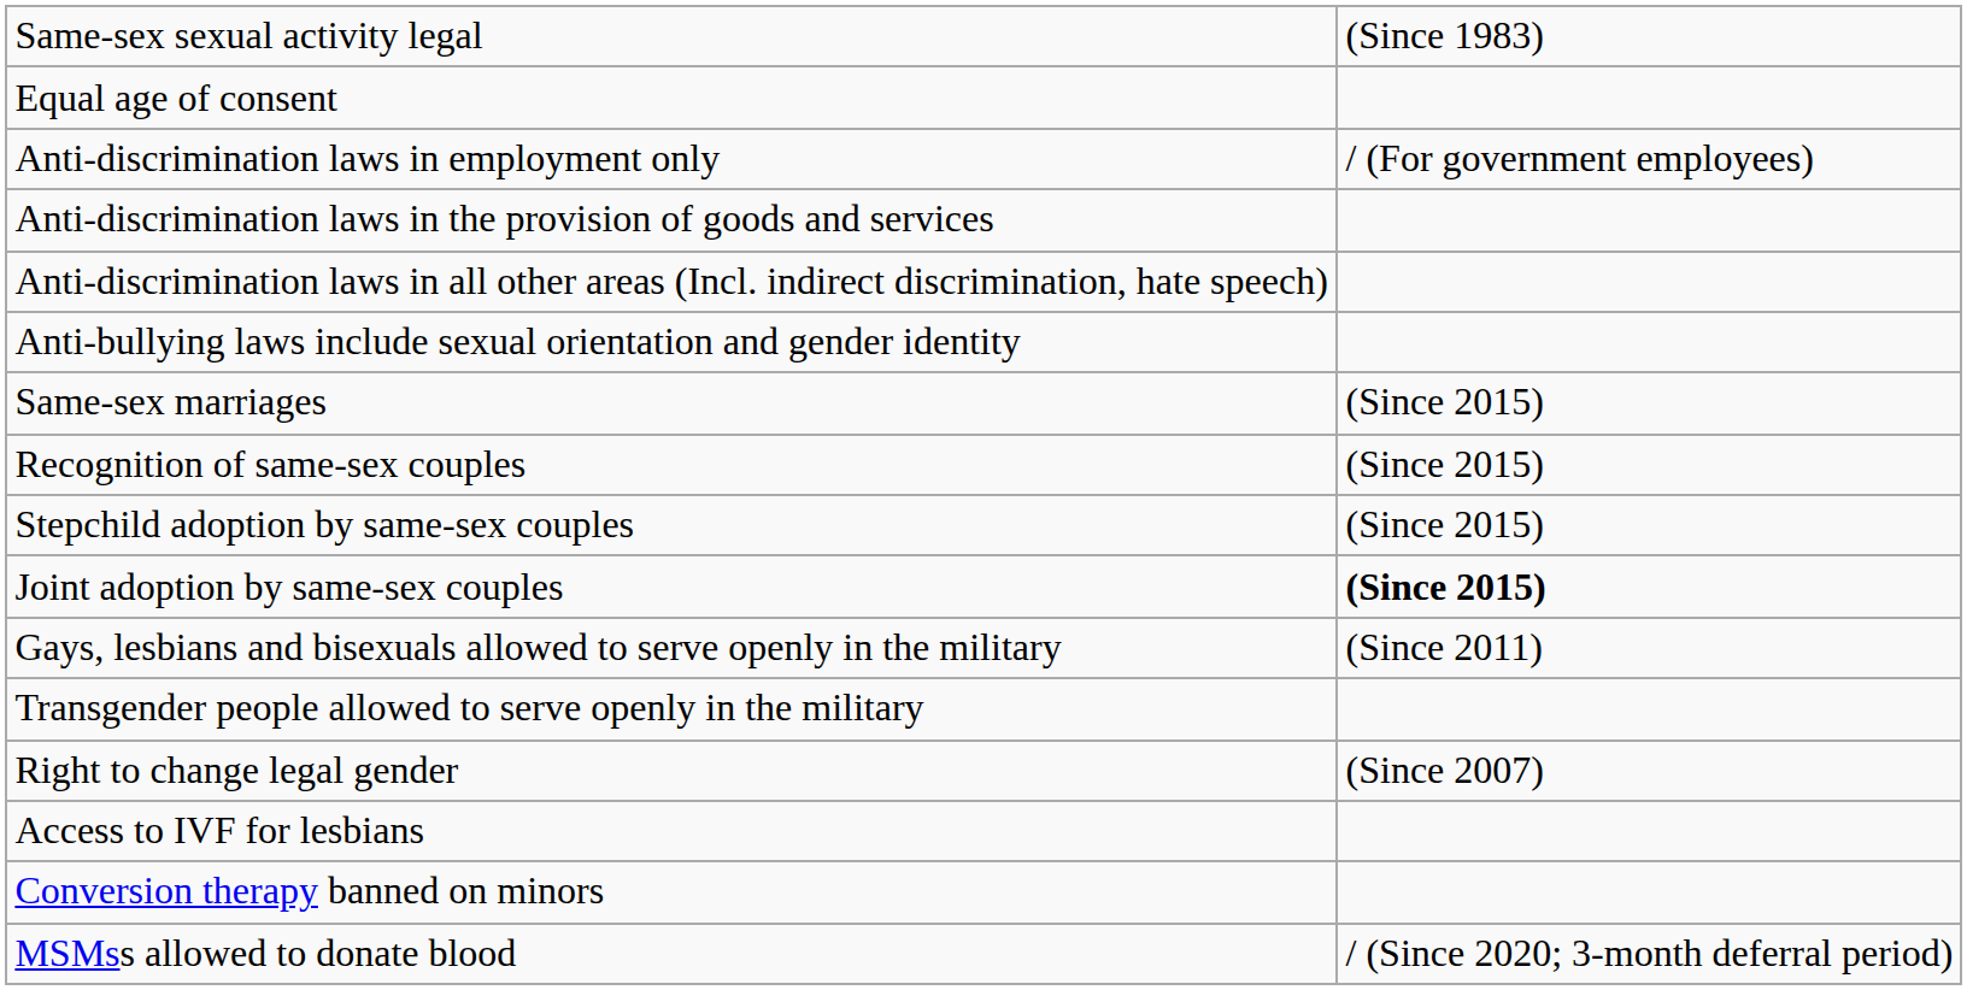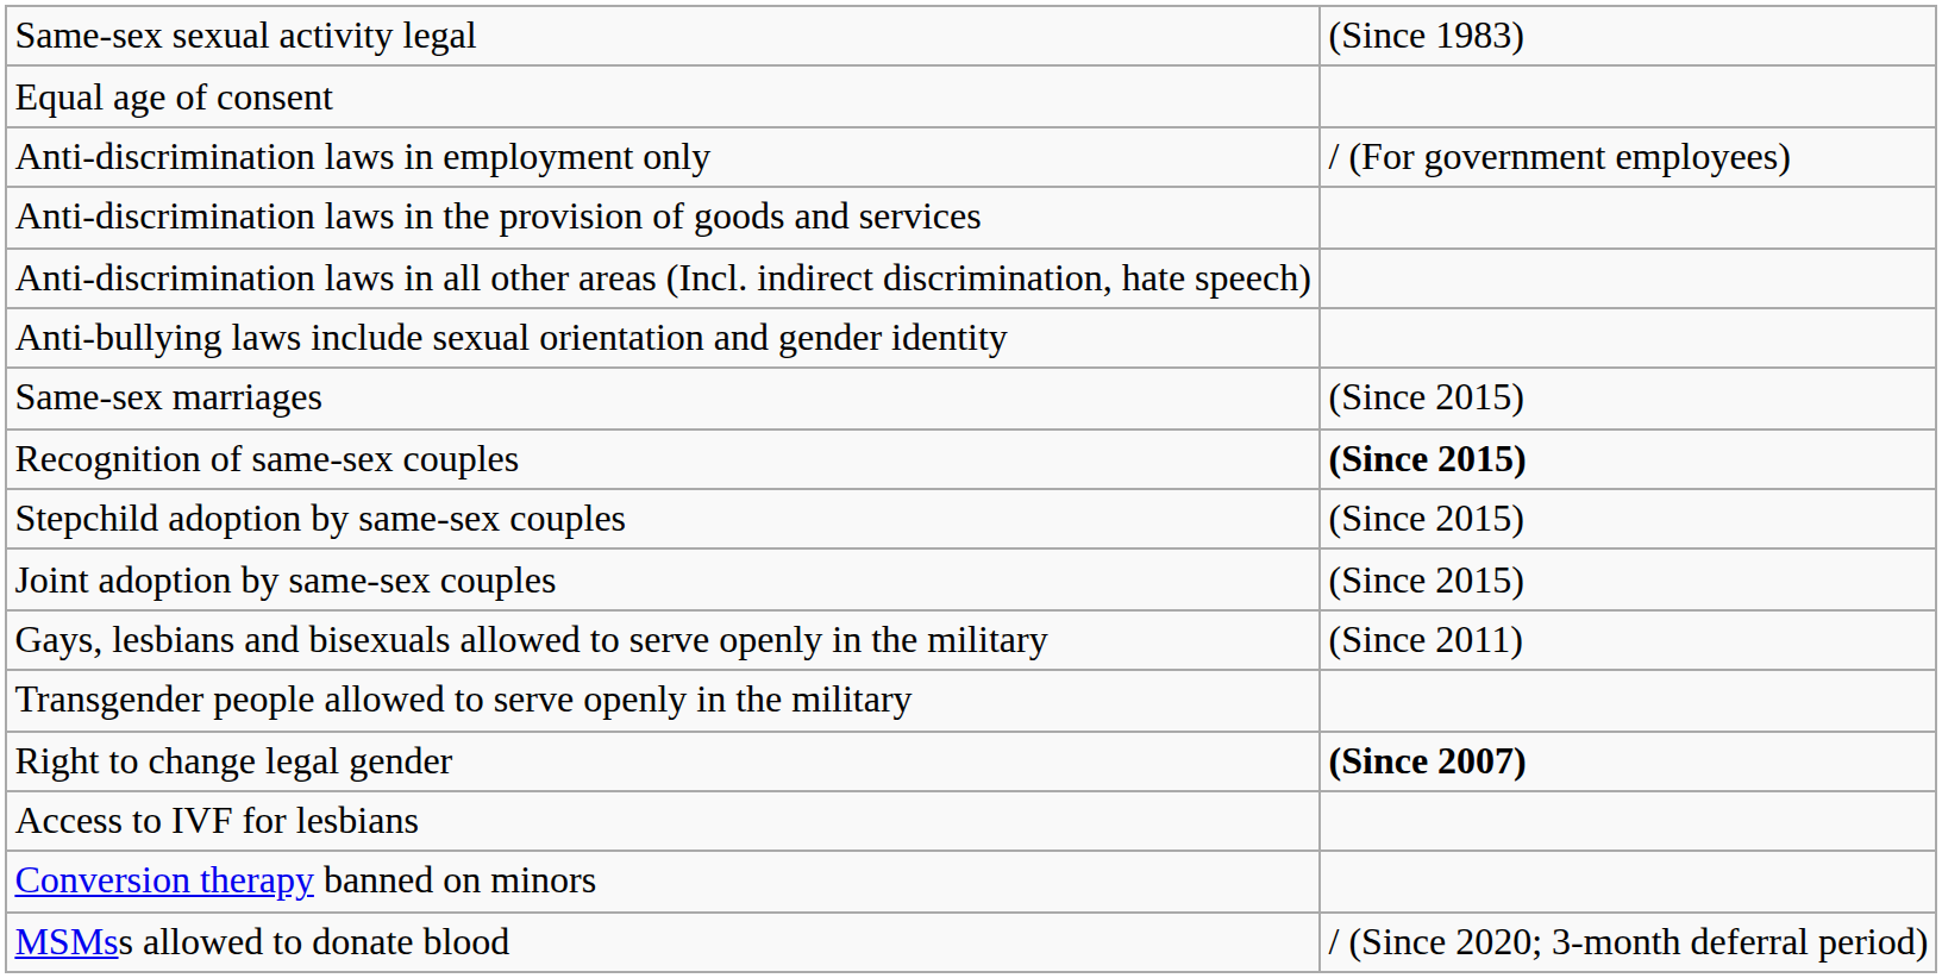 <table class="wikitable">
 <tr>
 <td>Same-sex sexual activity legal</td>
 <td> (Since 1983)</td>
 </tr>
 <tr>
 <td>Equal age of consent</td>
 <td></td>
 </tr>
 <tr>
 <td>Anti-discrimination laws in employment only</td>
 <td>/ (For government employees)</td>
 </tr>
 <tr>
 <td>Anti-discrimination laws in the provision of goods and services</td>
 <td></td>
 </tr>
 <tr>
 <td>Anti-discrimination laws in all other areas (Incl. indirect discrimination, hate speech)</td>
 <td></td>
 </tr>
 <tr>
 <td>Anti-bullying laws include sexual orientation and gender identity</td>
 <td></td>
 </tr>
 <tr>
 <td>Same-sex marriages</td>
 <td> (Since 2015)</td>
 </tr>
 <tr>
 <td>Recognition of same-sex couples</td>
-<td> (Since 2015)</td>
+<td><strong> (Since 2015)</strong></td>
 </tr>
 <tr>
 <td>Stepchild adoption by same-sex couples</td>
 <td> (Since 2015)</td>
 </tr>
 <tr>
 <td>Joint adoption by same-sex couples</td>
-<td><strong> (Since 2015)</strong></td>
+<td> (Since 2015)</td>
 </tr>
 <tr>
 <td>Gays, lesbians and bisexuals allowed to serve openly in the military</td>
 <td> (Since 2011)</td>
 </tr>
 <tr>
 <td>Transgender people allowed to serve openly in the military</td>
 <td></td>
 </tr>
 <tr>
 <td>Right to change legal gender</td>
-<td> (Since 2007)</td>
+<td><strong> (Since 2007)</strong></td>
 </tr>
 <tr>
 <td>Access to IVF for lesbians</td>
 <td></td>
 </tr>
 <tr>
 <td><a href='#'>Conversion therapy</a> banned on minors</td>
 <td></td>
 </tr>
 <tr>
 <td><a href='#'>MSMs</a>s allowed to donate blood</td>
 <td>/ (Since 2020; 3-month deferral period)</td>
 </tr>
 </table>
